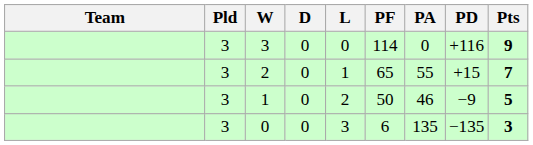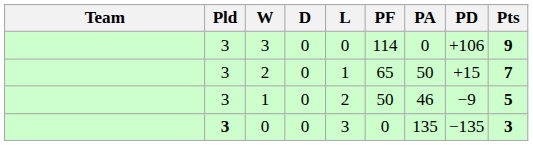 <table class="wikitable" style="text-align: center;">
 <tr>
 <th width="180">Team</th>
 <th width="30">Pld</th>
 <th width="30">W</th>
 <th width="30">D</th>
 <th width="30">L</th>
 <th width="30">PF</th>
 <th width="30">PA</th>
 <th width="30">PD</th>
 <th width="30">Pts</th>
 </tr>
 <tr bgcolor="ccffcc">
 <td align=left></td>
 <td>3</td>
 <td>3</td>
 <td>0</td>
 <td>0</td>
 <td>114</td>
 <td>0</td>
-<td>+116</td>
+<td>+106</td>
 <td><strong>9</strong></td>
 </tr>
 <tr bgcolor="ccffcc">
 <td align=left></td>
 <td>3</td>
 <td>2</td>
 <td>0</td>
 <td>1</td>
 <td>65</td>
-<td>55</td>
+<td>50</td>
 <td>+15</td>
 <td><strong>7</strong></td>
 </tr>
 <tr bgcolor="ccffcc">
 <td align=left></td>
 <td>3</td>
 <td>1</td>
 <td>0</td>
 <td>2</td>
 <td>50</td>
 <td>46</td>
 <td>−9</td>
 <td><strong>5</strong></td>
 </tr>
 <tr bgcolor="ccffcc">
 <td align=left></td>
-<td>3</td>
+<td><strong>3</strong></td>
 <td>0</td>
 <td>0</td>
 <td>3</td>
-<td>6</td>
+<td>0</td>
 <td>135</td>
 <td>−135</td>
 <td><strong>3</strong></td>
 </tr>
 </table>
